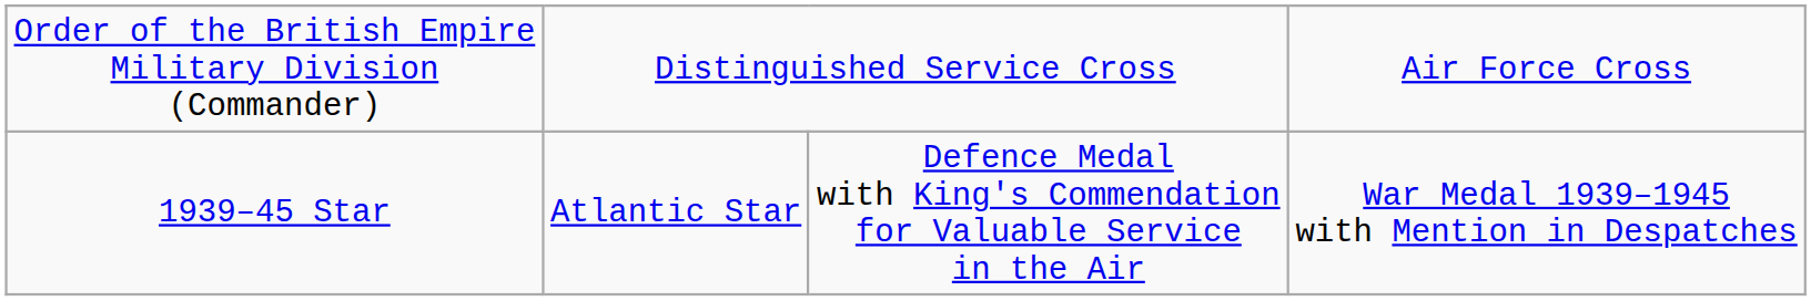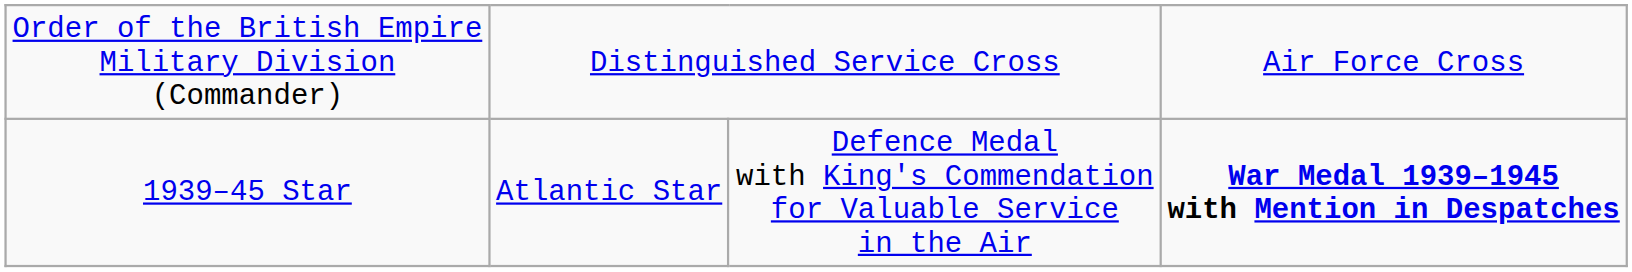 <table class="wikitable" style="margin: 0 auto;">
 <tr align=center>
 <td><a href='#'>Order of the British Empire<br>Military Division</a><br>(Commander)</td>
 <td colspan="2" style="text-align:center;"><a href='#'>Distinguished Service Cross</a></td>
 <td><a href='#'>Air Force Cross</a></td>
 </tr>
 <tr align=center>
 <td><a href='#'>1939–45 Star</a></td>
 <td><a href='#'>Atlantic Star</a></td>
 <td><a href='#'>Defence Medal</a><br>with <a href='#'>King's Commendation<br>for Valuable Service<br>in the Air</a></td>
-<td><a href='#'>War Medal 1939–1945</a><br>with <a href='#'>Mention in Despatches</a></td>
+<td><strong><a href='#'>War Medal 1939–1945</a><br>with <a href='#'>Mention in Despatches</a></strong></td>
 </tr>
 </table>
